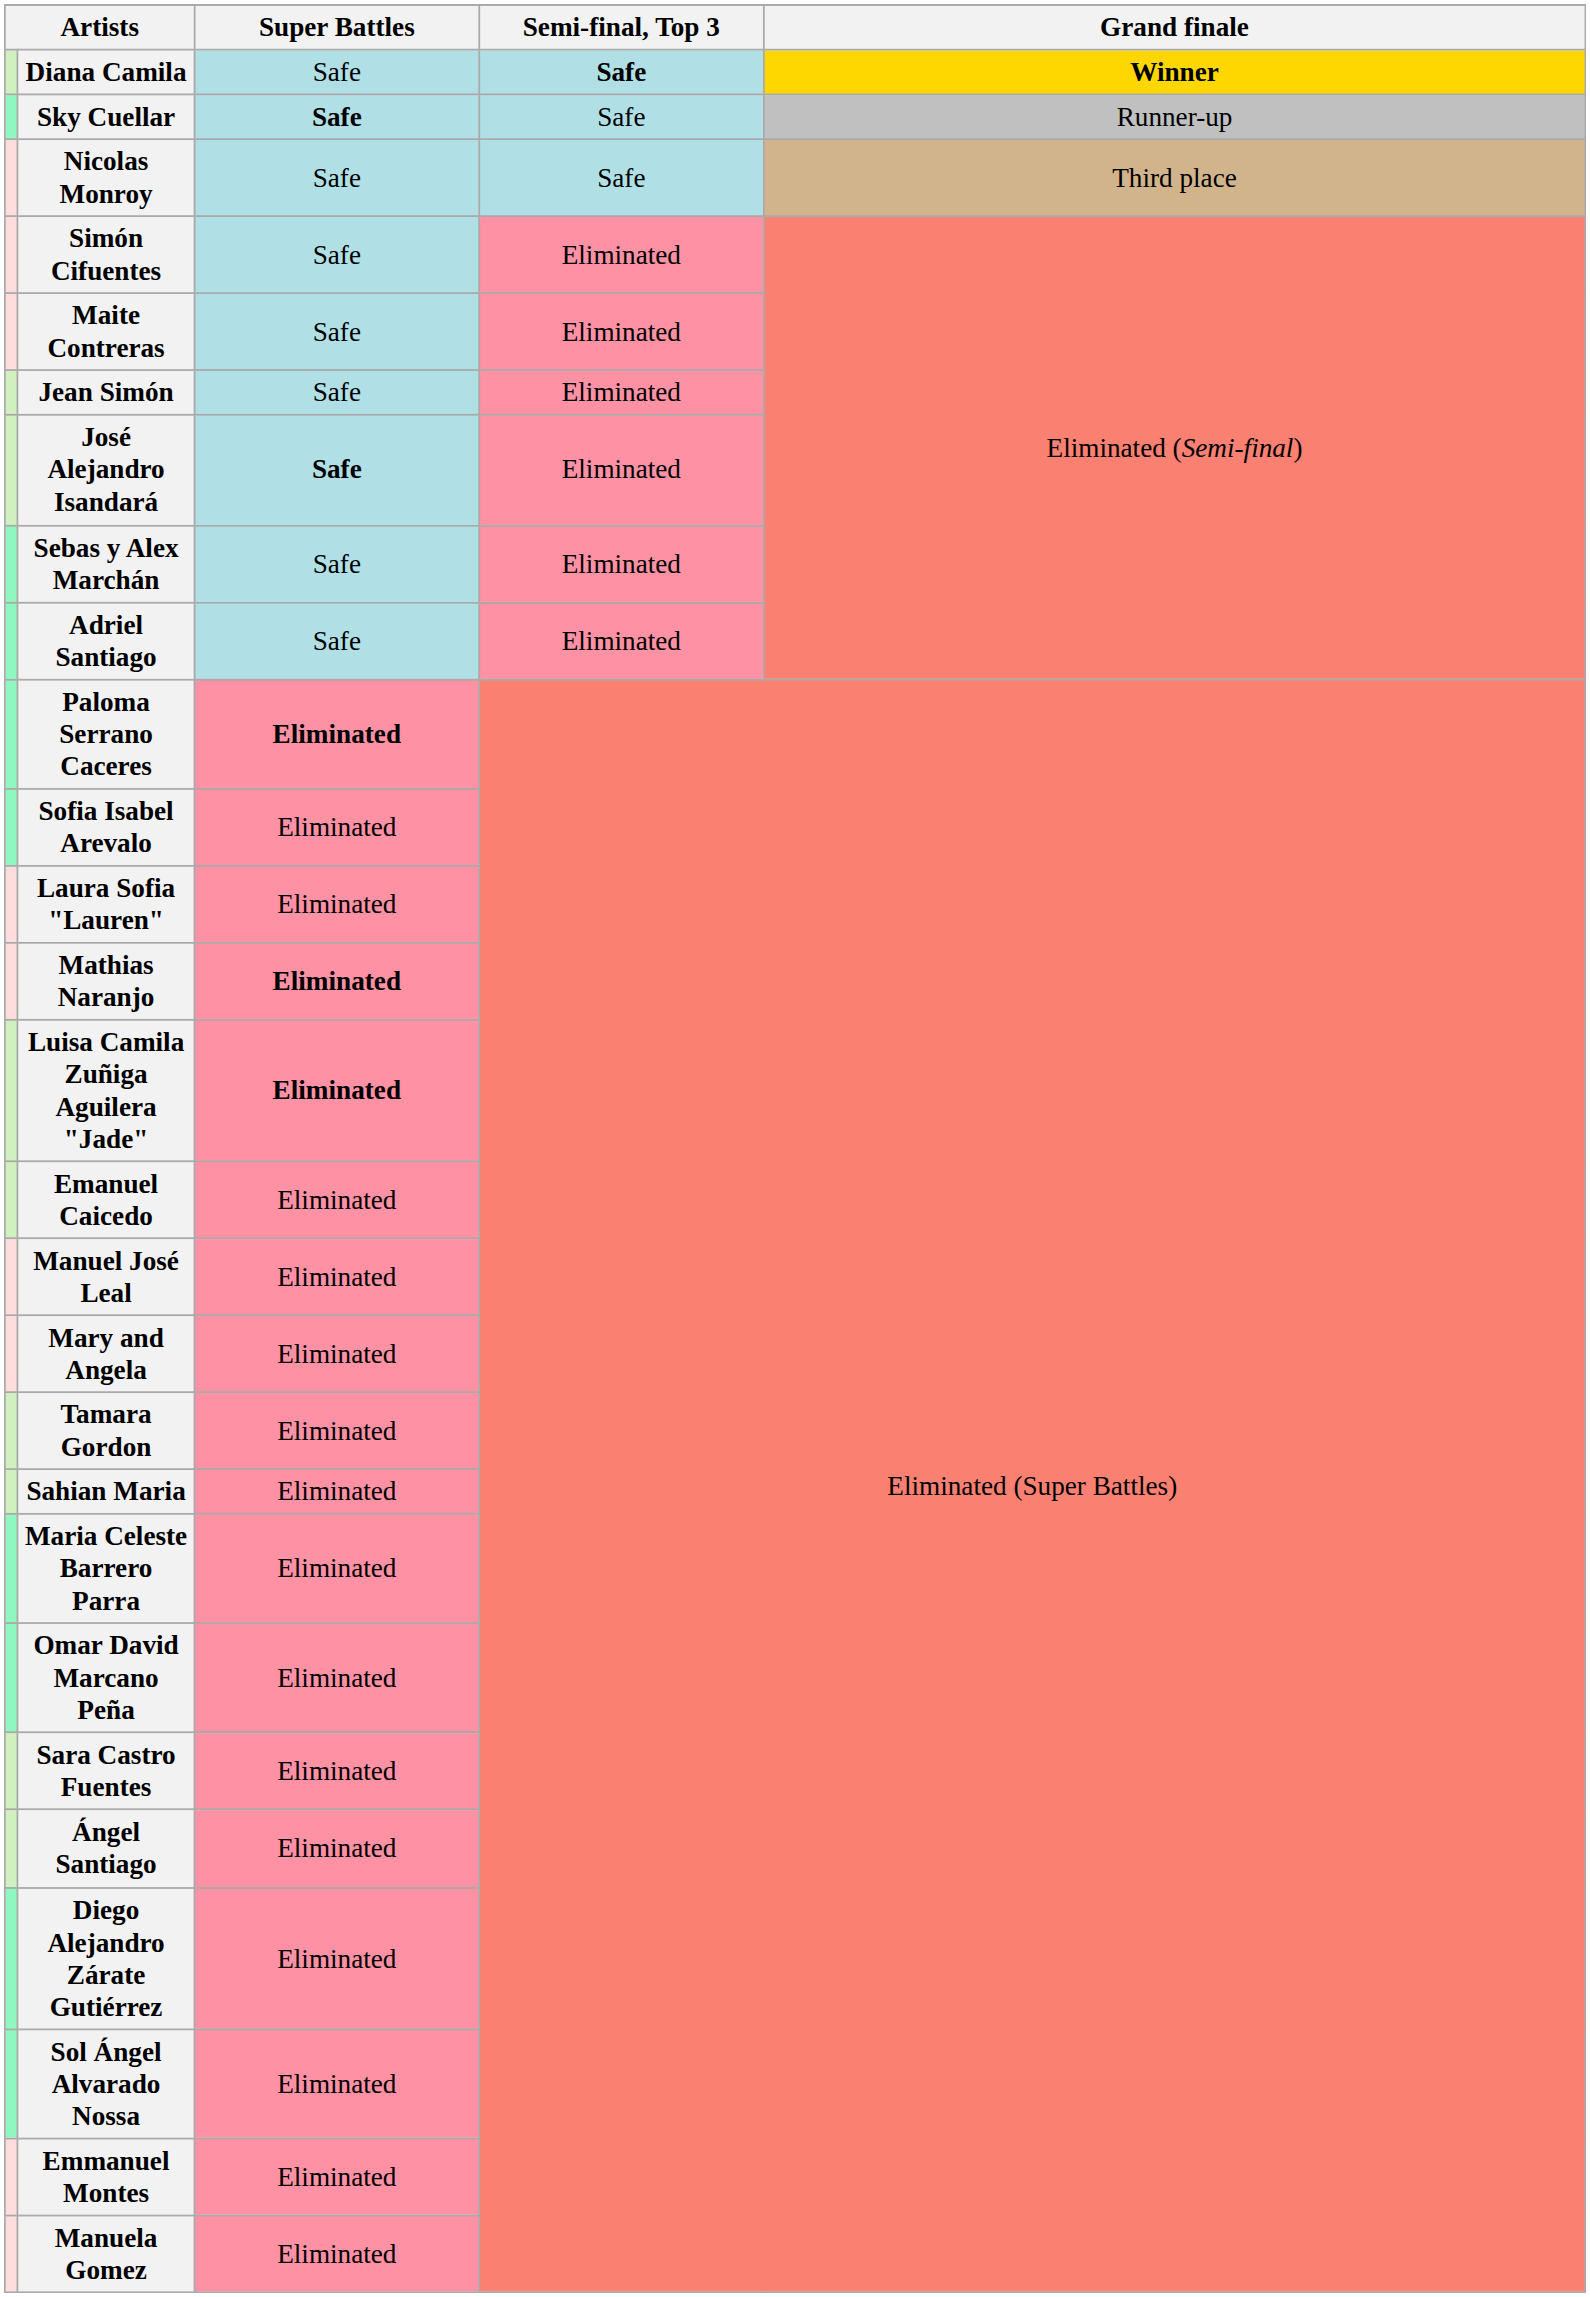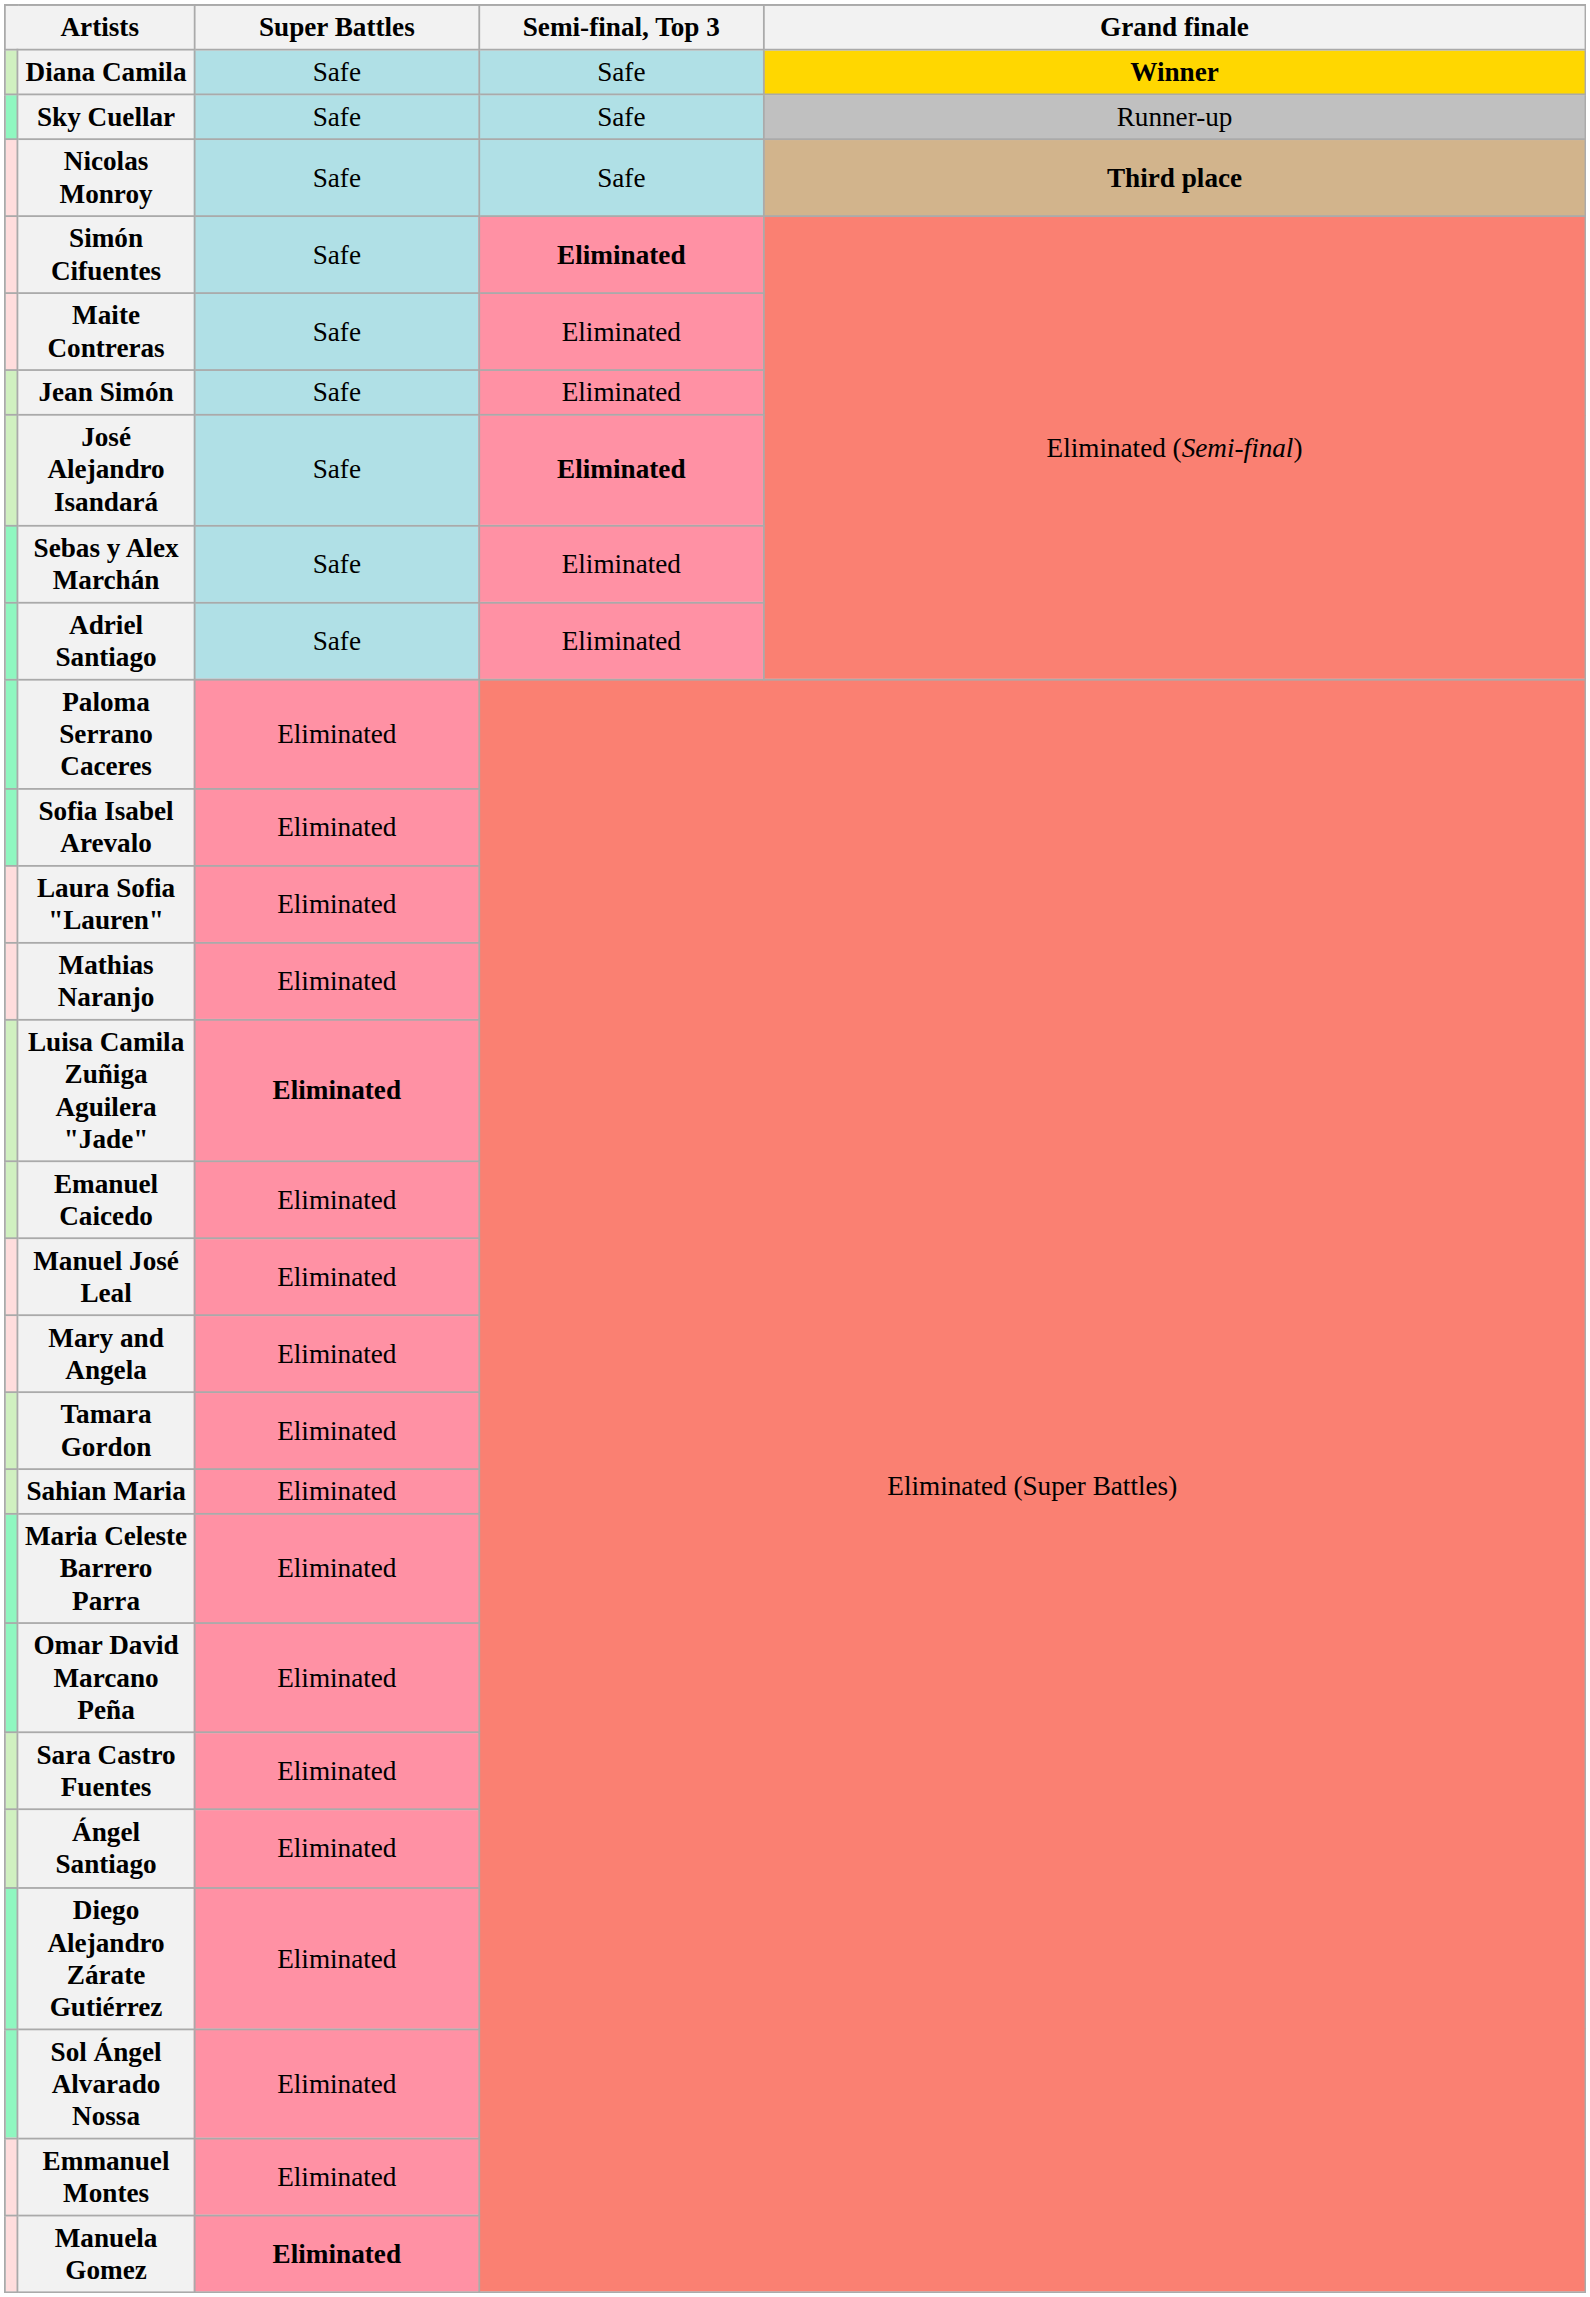 <table class="wikitable"  style="text-align:center; font-size:95%; width:100%;">
 <tr>
 </tr>
 <tr>
 <th colspan="2">Artists</th>
 <th style="width:18%;">Super Battles</th>
 <th style="width:18%;">Semi-final, Top 3</th>
 <th style="width:52%;">Grand finale</th>
 </tr>
 <tr>
 <td style="background:#d0f0c0"></td>
 <th>Diana Camila</th>
 <td style="background:#B0E0E6;">Safe</td>
-<td style="background:#B0E0E6;"><strong>Safe</strong></td>
+<td style="background:#B0E0E6;">Safe</td>
 <td style="background: gold"><strong>Winner</strong></td>
 </tr>
 <tr>
 <td style="background:#8ff7c0"></td>
 <th>Sky Cuellar</th>
-<td style="background:#B0E0E6;"><strong>Safe</strong></td>
+<td style="background:#B0E0E6;">Safe</td>
 <td style="background:#B0E0E6;">Safe</td>
 <td style="background: silver">Runner-up</td>
 </tr>
 <tr>
 <td style="background:#ffdddd"></td>
 <th>Nicolas Monroy</th>
 <td style="background:#B0E0E6;">Safe</td>
 <td style="background:#B0E0E6;">Safe</td>
-<td style="background: tan">Third place</td>
+<td style="background: tan"><strong>Third place</strong></td>
 </tr>
 <tr>
 <td style="background:#ffdddd"></td>
 <th>Simón Cifuentes</th>
 <td style="background:#B0E0E6;">Safe</td>
-<td style="background:#FF91A4;">Eliminated</td>
+<td style="background:#FF91A4;"><strong>Eliminated</strong></td>
 <td rowspan="6" colspan="2" style="background:salmon;">Eliminated (<em>Semi-final</em>)</td>
 </tr>
 <tr>
 <td style="background:#ffdddd"></td>
 <th>Maite Contreras</th>
 <td style="background:#B0E0E6;">Safe</td>
 <td style="background:#FF91A4;">Eliminated</td>
 </tr>
 <tr>
 <td style="background:#d0f0c0"></td>
 <th>Jean Simón</th>
 <td style="background:#B0E0E6;">Safe</td>
 <td style="background:#FF91A4;">Eliminated</td>
 </tr>
 <tr>
 <td style="background:#d0f0c0"></td>
 <th>José Alejandro Isandará</th>
-<td style="background:#B0E0E6;"><strong>Safe</strong></td>
-<td style="background:#FF91A4;">Eliminated</td>
+<td style="background:#B0E0E6;">Safe</td>
+<td style="background:#FF91A4;"><strong>Eliminated</strong></td>
 </tr>
 <tr>
 <td style="background:#8ff7c0"></td>
 <th>Sebas y Alex Marchán</th>
 <td style="background:#B0E0E6;">Safe</td>
 <td style="background:#FF91A4;">Eliminated</td>
 </tr>
 <tr>
 <td style="background:#8ff7c0"></td>
 <th>Adriel Santiago</th>
 <td style="background:#B0E0E6;">Safe</td>
 <td style="background:#FF91A4;">Eliminated</td>
 </tr>
 <tr>
 <td style="background:#8ff7c0"></td>
 <th>Paloma Serrano Caceres</th>
-<td style="background:#FF91A4;"><strong>Eliminated</strong></td>
+<td style="background:#FF91A4;">Eliminated</td>
 <td rowspan="18" colspan="2" style="background:salmon">Eliminated (Super Battles)</td>
 </tr>
 <tr>
 <td style="background:#8ff7c0"></td>
 <th>Sofia Isabel Arevalo</th>
 <td style="background:#FF91A4;">Eliminated</td>
 </tr>
 <tr>
 <td style="background:#ffdddd"></td>
 <th>Laura Sofia "Lauren"</th>
 <td style="background:#FF91A4;">Eliminated</td>
 </tr>
 <tr>
 <td style="background:#ffdddd"></td>
 <th>Mathias Naranjo</th>
-<td style="background:#FF91A4;"><strong>Eliminated</strong></td>
+<td style="background:#FF91A4;">Eliminated</td>
 </tr>
 <tr>
 <td style="background:#d0f0c0"></td>
 <th>Luisa Camila Zuñiga Aguilera "Jade"</th>
 <td style="background:#FF91A4;"><strong>Eliminated</strong></td>
 </tr>
 <tr>
 <td style="background:#d0f0c0"></td>
 <th>Emanuel Caicedo</th>
 <td style="background:#FF91A4;">Eliminated</td>
 </tr>
 <tr>
 <td style="background:#ffdddd"></td>
 <th>Manuel José Leal</th>
 <td style="background:#FF91A4;">Eliminated</td>
 </tr>
 <tr>
 <td style="background:#ffdddd"></td>
 <th>Mary and Angela</th>
 <td style="background:#FF91A4;">Eliminated</td>
 </tr>
 <tr>
 <td style="background:#d0f0c0"></td>
 <th>Tamara Gordon</th>
 <td style="background:#FF91A4;">Eliminated</td>
 </tr>
 <tr>
 <td style="background:#d0f0c0"></td>
 <th>Sahian Maria</th>
 <td style="background:#FF91A4;">Eliminated</td>
 </tr>
 <tr>
 <td style="background:#8ff7c0"></td>
 <th>Maria Celeste Barrero Parra</th>
 <td style="background:#FF91A4;">Eliminated</td>
 </tr>
 <tr>
 <td style="background:#8ff7c0"></td>
 <th>Omar David Marcano Peña</th>
 <td style="background:#FF91A4;">Eliminated</td>
 </tr>
 <tr>
 <td style="background:#d0f0c0"></td>
 <th>Sara Castro Fuentes</th>
 <td style="background:#FF91A4;">Eliminated</td>
 </tr>
 <tr>
 <td style="background:#d0f0c0"></td>
 <th>Ángel Santiago</th>
 <td style="background:#FF91A4;">Eliminated</td>
 </tr>
 <tr>
 <td style="background:#8ff7c0"></td>
 <th>Diego Alejandro Zárate Gutiérrez</th>
 <td style="background:#FF91A4;">Eliminated</td>
 </tr>
 <tr>
 <td style="background:#8ff7c0"></td>
 <th>Sol Ángel Alvarado Nossa</th>
 <td style="background:#FF91A4;">Eliminated</td>
 </tr>
 <tr>
 <td style="background:#ffdddd"></td>
 <th>Emmanuel Montes</th>
 <td style="background:#FF91A4;">Eliminated</td>
 </tr>
 <tr>
 <td style="background:#ffdddd"></td>
 <th>Manuela Gomez</th>
-<td style="background:#FF91A4;">Eliminated</td>
+<td style="background:#FF91A4;"><strong>Eliminated</strong></td>
 </tr>
 <tr>
 </tr>
 </table>
